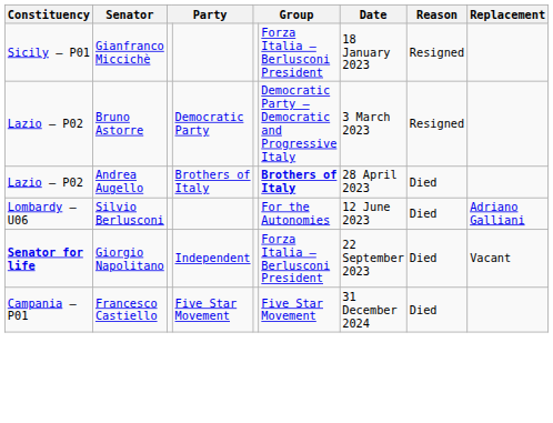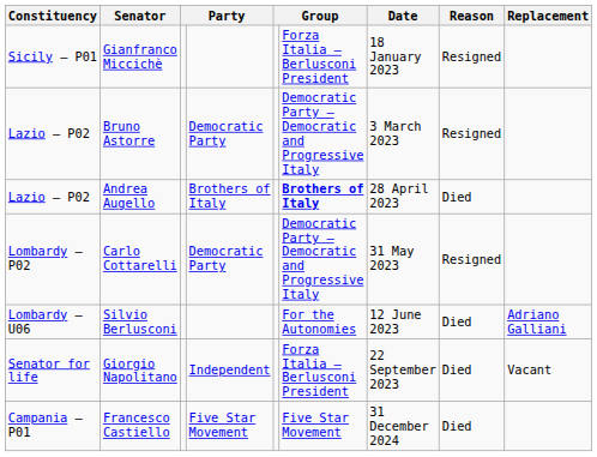 <table class="wikitable sortable" style="text-align:left">
 <tr>
 <th>Constituency</th>
 <th>Senator</th>
 <th colspan="2">Party</th>
 <th colspan="2">Group</th>
 <th>Date</th>
 <th>Reason</th>
 <th>Replacement</th>
 </tr>
 <tr>
 <td><a href='#'>Sicily</a> – P01</td>
 <td><a href='#'>Gianfranco Miccichè</a></td>
 <td style="background: "></td>
 <td></td>
 <td style="background: "></td>
 <td><a href='#'>Forza Italia – Berlusconi President</a></td>
 <td>18 January 2023</td>
 <td>Resigned</td>
 <td></td>
 </tr>
 <tr>
 <td><a href='#'>Lazio</a> – P02</td>
 <td><a href='#'>Bruno Astorre</a></td>
 <td style="background: "></td>
 <td><a href='#'>Democratic Party</a></td>
 <td style="background: "></td>
 <td><a href='#'>Democratic Party – Democratic and Progressive Italy</a></td>
 <td>3 March 2023</td>
 <td>Resigned</td>
 <td></td>
 </tr>
 <tr>
 <td><a href='#'>Lazio</a> – P02</td>
 <td><a href='#'>Andrea Augello</a></td>
 <td style="background: "></td>
 <td><a href='#'>Brothers of Italy</a></td>
 <td style="background: "></td>
 <td><strong><a href='#'>Brothers of Italy</a></strong></td>
 <td>28 April 2023</td>
 <td>Died</td>
 <td></td>
 </tr>
 <tr>
+<td><a href='#'>Lombardy</a> – P02</td>
+<td><a href='#'>Carlo Cottarelli</a></td>
+<td style="background: "></td>
+<td><a href='#'>Democratic Party</a></td>
+<td style="background: "></td>
+<td><a href='#'>Democratic Party – Democratic and Progressive Italy</a></td>
+<td>31 May 2023</td>
+<td>Resigned</td>
+<td></td>
+</tr>
+<tr>
 <td><a href='#'>Lombardy</a> – U06</td>
 <td><a href='#'>Silvio Berlusconi</a></td>
 <td style="background: "></td>
 <td></td>
 <td style="background: "></td>
 <td><a href='#'>For the Autonomies</a></td>
 <td>12 June 2023</td>
 <td>Died</td>
 <td><a href='#'>Adriano Galliani</a></td>
 </tr>
 <tr>
-<td><strong><a href='#'>Senator for life</a></strong></td>
+<td><a href='#'>Senator for life</a></td>
 <td><a href='#'>Giorgio Napolitano</a></td>
 <td style="background: "></td>
 <td><a href='#'>Independent</a></td>
 <td style="background:  "></td>
 <td><a href='#'>Forza Italia – Berlusconi President</a></td>
 <td>22 September 2023</td>
 <td>Died</td>
 <td>Vacant</td>
 </tr>
 <tr>
 <td><a href='#'>Campania</a> – P01</td>
 <td><a href='#'>Francesco Castiello</a></td>
 <td style="background: "></td>
 <td><a href='#'>Five Star Movement</a></td>
 <td style="background: "></td>
 <td><a href='#'>Five Star Movement</a></td>
 <td>31 December 2024</td>
 <td>Died</td>
 <td></td>
 </tr>
 </table>
